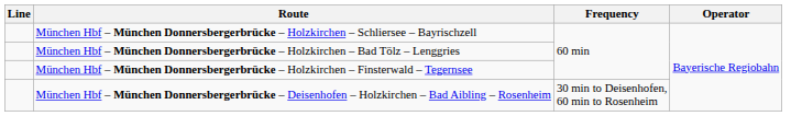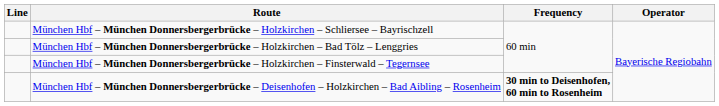 <table class="wikitable">
 <tr class="hintergrundfarbe6">
 <th>Line</th>
 <th>Route</th>
 <th>Frequency</th>
 <th>Operator</th>
 </tr>
 <tr>
 <td></td>
 <td><a href='#'>München Hbf</a> – <strong>München Donnersbergerbrücke</strong> – <a href='#'>Holzkirchen</a> – Schliersee – Bayrischzell</td>
 <td rowspan="3">60 min</td>
 <td rowspan="4"><a href='#'>Bayerische Regiobahn</a></td>
 </tr>
 <tr>
 <td></td>
 <td><a href='#'>München Hbf</a> – <strong>München Donnersbergerbrücke</strong> – Holzkirchen – Bad Tölz – Lenggries</td>
 </tr>
 <tr>
 <td></td>
 <td><a href='#'>München Hbf</a> – <strong>München Donnersbergerbrücke</strong> – Holzkirchen – Finsterwald – <a href='#'>Tegernsee</a></td>
 </tr>
 <tr>
 <td></td>
 <td><a href='#'>München Hbf</a> – <strong>München Donnersbergerbrücke</strong> – <a href='#'>Deisenhofen</a> – Holzkirchen – <a href='#'>Bad Aibling</a> – <a href='#'>Rosenheim</a></td>
-<td>30 min to Deisenhofen,<br>60 min to Rosenheim</td>
+<td><strong>30 min to Deisenhofen,<br>60 min to Rosenheim</strong></td>
 </tr>
 </table>
